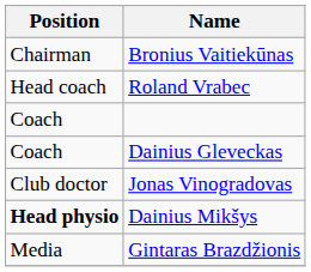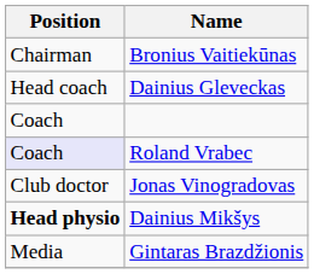 <table class="wikitable">
 <tr>
 <th>Position</th>
 <th>Name</th>
 </tr>
 <tr>
 <td>Chairman</td>
 <td> <a href='#'>Bronius Vaitiekūnas</a></td>
 </tr>
 <tr>
 <td>Head coach</td>
-<td> <a href='#'>Roland Vrabec</a></td>
+<td> <a href='#'>Dainius Gleveckas</a></td>
 </tr>
 <tr>
 <td>Coach</td>
 <td></td>
 </tr>
 <tr>
-<td>Coach</td>
-<td> <a href='#'>Dainius Gleveckas</a></td>
+<td style="background: lavender;">Coach</td>
+<td> <a href='#'>Roland Vrabec</a></td>
 </tr>
 <tr>
 <td>Club doctor</td>
 <td> <a href='#'>Jonas Vinogradovas</a></td>
 </tr>
 <tr>
 <td><strong>Head physio</strong></td>
 <td> <a href='#'>Dainius Mikšys</a></td>
 </tr>
 <tr>
 <td>Media</td>
 <td> <a href='#'>Gintaras Brazdžionis</a></td>
 </tr>
 <tr>
 </tr>
 </table>
